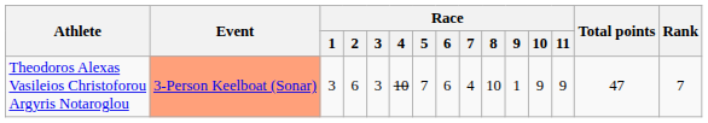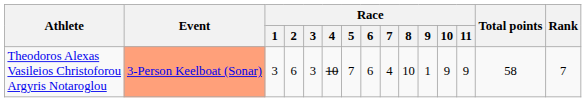 <table class=wikitable style="font-size:90%">
 <tr>
 <th rowspan="2">Athlete</th>
 <th rowspan="2">Event</th>
 <th colspan="11">Race</th>
 <th rowspan="2">Total points</th>
 <th rowspan="2">Rank</th>
 </tr>
 <tr>
 <th width="15">1</th>
 <th width="15">2</th>
 <th width="15">3</th>
 <th width="15">4</th>
 <th width="15">5</th>
 <th width="15">6</th>
 <th width="15">7</th>
 <th width="15">8</th>
 <th width="15">9</th>
 <th width="15">10</th>
 <th width="15">11</th>
 </tr>
 <tr align=center>
 <td align=left><a href='#'>Theodoros Alexas</a><br><a href='#'>Vasileios Christoforou</a><br><a href='#'>Argyris Notaroglou</a></td>
 <td align=left style="background: lightsalmon;"><a href='#'> 3-Person Keelboat (Sonar)</a></td>
 <td>3</td>
 <td>6</td>
 <td>3</td>
 <td><s>10</s></td>
 <td>7</td>
 <td>6</td>
 <td>4</td>
 <td>10</td>
 <td>1</td>
 <td>9</td>
 <td>9</td>
-<td>47</td>
+<td>58</td>
 <td>7</td>
 </tr>
 </table>
